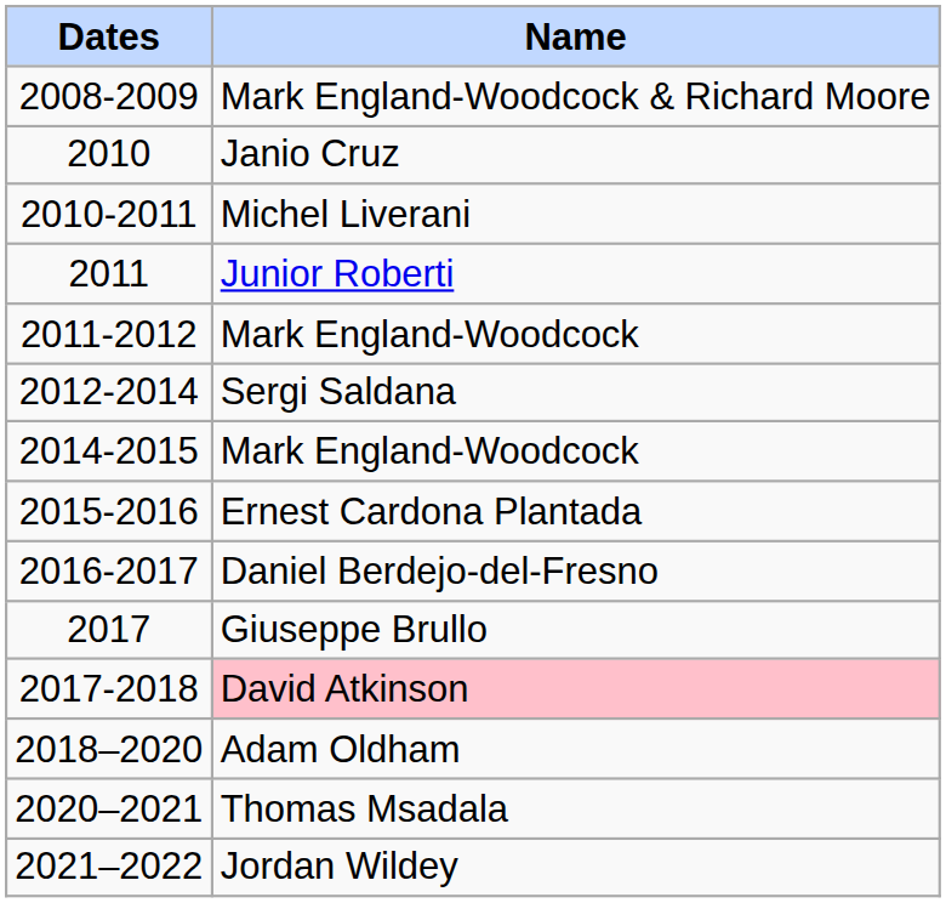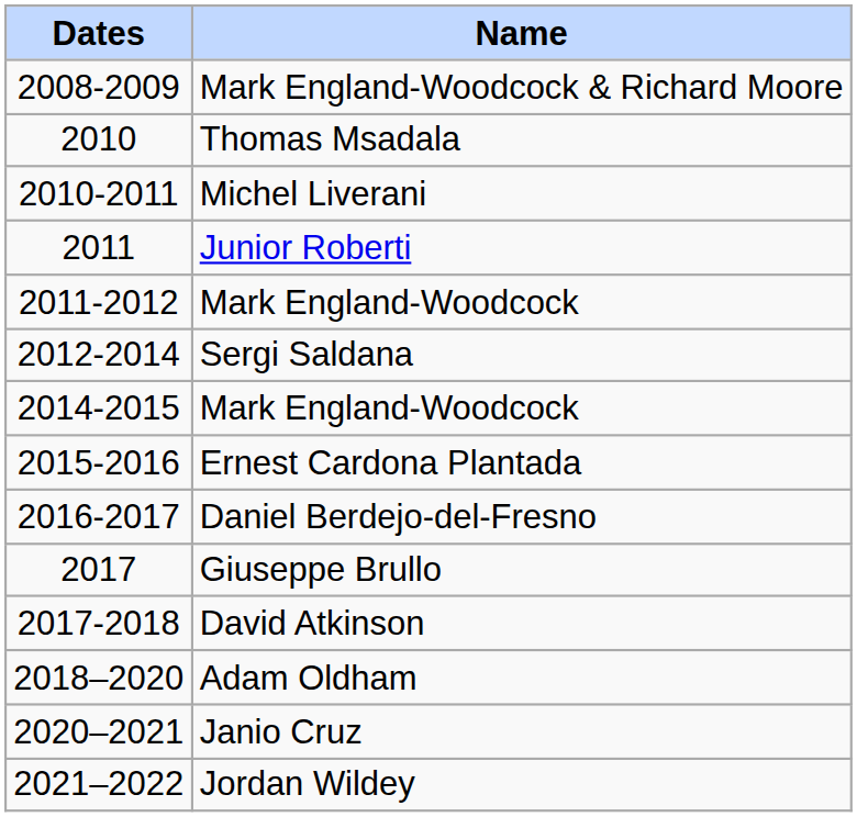 <table class="wikitable" align="center" style="text-align:center; border-collapse:collapse; font-size:90%;">
 <tr>
 <td style="background:#C1D8FF;"><strong>Dates</strong></td>
 <td style="background:#C1D8FF;"><strong>Name</strong></td>
 </tr>
 <tr>
 <td>2008-2009</td>
 <td align="left"> Mark England-Woodcock & Richard Moore</td>
 </tr>
 <tr>
 <td>2010</td>
-<td align="left"> Janio Cruz</td>
+<td align="left"> Thomas Msadala</td>
 </tr>
 <tr>
 <td>2010-2011</td>
 <td align="left"> Michel Liverani </td>
 </tr>
 <tr>
 <td>2011</td>
 <td align="left"> <a href='#'>Junior Roberti</a></td>
 </tr>
 <tr>
 <td>2011-2012</td>
 <td align="left"> Mark England-Woodcock</td>
 </tr>
 <tr>
 <td>2012-2014</td>
 <td align="left"> Sergi Saldana</td>
 </tr>
 <tr>
 <td>2014-2015</td>
 <td align="left"> Mark England-Woodcock</td>
 </tr>
 <tr>
 <td>2015-2016</td>
 <td align="left"> Ernest Cardona Plantada</td>
 </tr>
 <tr>
 <td>2016-2017</td>
 <td align="left"> Daniel Berdejo-del-Fresno</td>
 </tr>
 <tr>
 <td>2017</td>
 <td align="left"> Giuseppe Brullo</td>
 </tr>
 <tr>
 <td>2017-2018</td>
-<td align="left" style="background: pink;"> David Atkinson</td>
+<td align="left"> David Atkinson</td>
 </tr>
 <tr>
 <td>2018–2020</td>
 <td align="left"> Adam Oldham</td>
 </tr>
 <tr>
 <td>2020–2021</td>
-<td align="left"> Thomas Msadala</td>
+<td align="left"> Janio Cruz</td>
 </tr>
 <tr>
 <td>2021–2022</td>
 <td align="left"> Jordan Wildey</td>
 </tr>
 </table>
